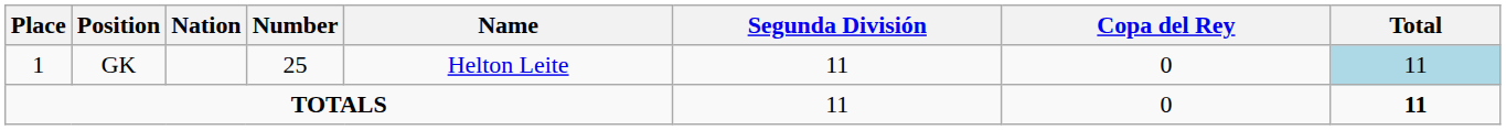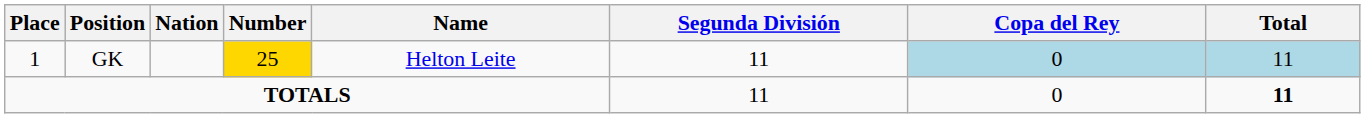 <table class="wikitable" style="font-size: 95%; text-align: center;">
 <tr>
 <th width=20>Place</th>
 <th width=20>Position</th>
 <th width=20>Nation</th>
 <th width=20>Number</th>
 <th width=200>Name</th>
 <th width=200><a href='#'>Segunda División</a></th>
 <th width=200><a href='#'>Copa del Rey</a></th>
 <th width=100><strong>Total</strong></th>
 </tr>
 <tr>
 <td>1</td>
 <td>GK</td>
 <td></td>
-<td>25</td>
+<td style="background: gold;">25</td>
 <td><a href='#'>Helton Leite</a></td>
 <td>11</td>
-<td>0</td>
+<td style="background: lightblue;">0</td>
 <td style="background: lightblue;">11</td>
 </tr>
 <tr>
 <td colspan="5"><strong>TOTALS</strong></td>
 <td>11</td>
 <td>0</td>
 <td><strong>11</strong></td>
 </tr>
 </table>
